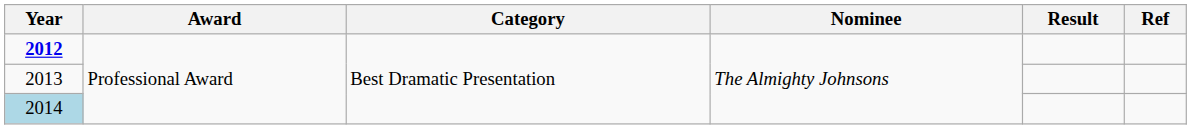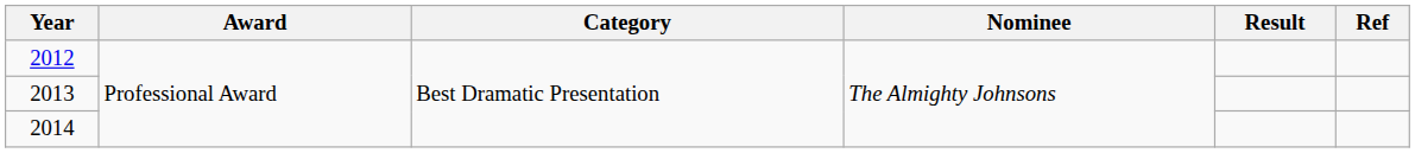 <table class="wikitable" width="80%">
 <tr>
 <th>Year</th>
 <th>Award</th>
 <th>Category</th>
 <th>Nominee</th>
 <th>Result</th>
 <th>Ref</th>
 </tr>
 <tr>
-<td align="center"><strong><a href='#'>2012</a></strong></td>
+<td align="center"><a href='#'>2012</a></td>
 <td rowspan="3">Professional Award</td>
 <td rowspan="3">Best Dramatic Presentation</td>
 <td rowspan="3"><em>The Almighty Johnsons</em></td>
 <td></td>
 <td align="center"></td>
 </tr>
 <tr>
 <td align="center">2013</td>
 <td></td>
 <td align="center"></td>
 </tr>
 <tr>
-<td align="center" style="background: lightblue;">2014</td>
+<td align="center">2014</td>
 <td></td>
 <td align="center"></td>
 </tr>
 </table>
